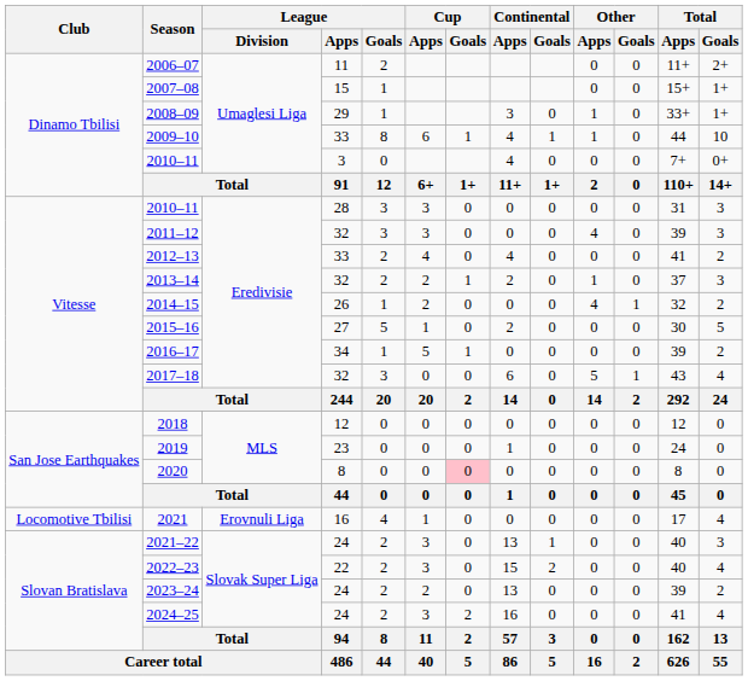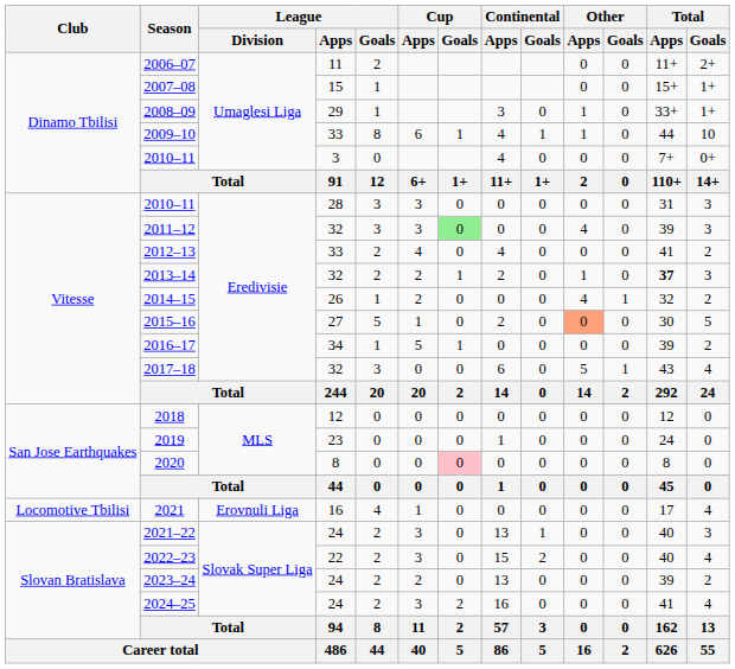 <table class="wikitable" style="text-align: center">
 <tr>
 <th rowspan="2">Club</th>
 <th rowspan="2">Season</th>
 <th colspan="3">League</th>
 <th colspan="2">Cup</th>
 <th colspan="2">Continental</th>
 <th colspan="2">Other</th>
 <th colspan="2">Total</th>
 </tr>
 <tr>
 <th>Division</th>
 <th>Apps</th>
 <th>Goals</th>
 <th>Apps</th>
 <th>Goals</th>
 <th>Apps</th>
 <th>Goals</th>
 <th>Apps</th>
 <th>Goals</th>
 <th>Apps</th>
 <th>Goals</th>
 </tr>
 <tr>
 <td rowspan="6"><a href='#'>Dinamo Tbilisi</a></td>
 <td><a href='#'>2006–07</a></td>
 <td rowspan="5"><a href='#'>Umaglesi Liga</a></td>
 <td>11</td>
 <td>2</td>
 <td></td>
 <td></td>
 <td></td>
 <td></td>
 <td>0</td>
 <td>0</td>
 <td>11+</td>
 <td>2+</td>
 </tr>
 <tr>
 <td><a href='#'>2007–08</a></td>
 <td>15</td>
 <td>1</td>
 <td></td>
 <td></td>
 <td></td>
 <td></td>
 <td>0</td>
 <td>0</td>
 <td>15+</td>
 <td>1+</td>
 </tr>
 <tr>
 <td><a href='#'>2008–09</a></td>
 <td>29</td>
 <td>1</td>
 <td></td>
 <td></td>
 <td>3</td>
 <td>0</td>
 <td>1</td>
 <td>0</td>
 <td>33+</td>
 <td>1+</td>
 </tr>
 <tr>
 <td><a href='#'>2009–10</a></td>
 <td>33</td>
 <td>8</td>
 <td>6</td>
 <td>1</td>
 <td>4</td>
 <td>1</td>
 <td>1</td>
 <td>0</td>
 <td>44</td>
 <td>10</td>
 </tr>
 <tr>
 <td><a href='#'>2010–11</a></td>
 <td>3</td>
 <td>0</td>
 <td></td>
 <td></td>
 <td>4</td>
 <td>0</td>
 <td>0</td>
 <td>0</td>
 <td>7+</td>
 <td>0+</td>
 </tr>
 <tr>
 <th colspan="2">Total</th>
 <th>91</th>
 <th>12</th>
 <th>6+</th>
 <th>1+</th>
 <th>11+</th>
 <th>1+</th>
 <th>2</th>
 <th>0</th>
 <th>110+</th>
 <th>14+</th>
 </tr>
 <tr>
 <td rowspan="9"><a href='#'>Vitesse</a></td>
 <td><a href='#'>2010–11</a></td>
 <td rowspan="8"><a href='#'>Eredivisie</a></td>
 <td>28</td>
 <td>3</td>
 <td>3</td>
 <td>0</td>
 <td>0</td>
 <td>0</td>
 <td>0</td>
 <td>0</td>
 <td>31</td>
 <td>3</td>
 </tr>
 <tr>
 <td><a href='#'>2011–12</a></td>
 <td>32</td>
 <td>3</td>
 <td>3</td>
-<td>0</td>
+<td style="background: lightgreen;">0</td>
 <td>0</td>
 <td>0</td>
 <td>4</td>
 <td>0</td>
 <td>39</td>
 <td>3</td>
 </tr>
 <tr>
 <td><a href='#'>2012–13</a></td>
 <td>33</td>
 <td>2</td>
 <td>4</td>
 <td>0</td>
 <td>4</td>
 <td>0</td>
 <td>0</td>
 <td>0</td>
 <td>41</td>
 <td>2</td>
 </tr>
 <tr>
 <td><a href='#'>2013–14</a></td>
 <td>32</td>
 <td>2</td>
 <td>2</td>
 <td>1</td>
 <td>2</td>
 <td>0</td>
 <td>1</td>
 <td>0</td>
-<td>37</td>
+<td><strong>37</strong></td>
 <td>3</td>
 </tr>
 <tr>
 <td><a href='#'>2014–15</a></td>
 <td>26</td>
 <td>1</td>
 <td>2</td>
 <td>0</td>
 <td>0</td>
 <td>0</td>
 <td>4</td>
 <td>1</td>
 <td>32</td>
 <td>2</td>
 </tr>
 <tr>
 <td><a href='#'>2015–16</a></td>
 <td>27</td>
 <td>5</td>
 <td>1</td>
 <td>0</td>
 <td>2</td>
 <td>0</td>
-<td>0</td>
+<td style="background: lightsalmon;">0</td>
 <td>0</td>
 <td>30</td>
 <td>5</td>
 </tr>
 <tr>
 <td><a href='#'>2016–17</a></td>
 <td>34</td>
 <td>1</td>
 <td>5</td>
 <td>1</td>
 <td>0</td>
 <td>0</td>
 <td>0</td>
 <td>0</td>
 <td>39</td>
 <td>2</td>
 </tr>
 <tr>
 <td><a href='#'>2017–18</a></td>
 <td>32</td>
 <td>3</td>
 <td>0</td>
 <td>0</td>
 <td>6</td>
 <td>0</td>
 <td>5</td>
 <td>1</td>
 <td>43</td>
 <td>4</td>
 </tr>
 <tr>
 <th colspan="2">Total</th>
 <th>244</th>
 <th>20</th>
 <th>20</th>
 <th>2</th>
 <th>14</th>
 <th>0</th>
 <th>14</th>
 <th>2</th>
 <th>292</th>
 <th>24</th>
 </tr>
 <tr>
 <td rowspan="4"><a href='#'>San Jose Earthquakes</a></td>
 <td><a href='#'>2018</a></td>
 <td rowspan="3"><a href='#'>MLS</a></td>
 <td>12</td>
 <td>0</td>
 <td>0</td>
 <td>0</td>
 <td>0</td>
 <td>0</td>
 <td>0</td>
 <td>0</td>
 <td>12</td>
 <td>0</td>
 </tr>
 <tr>
 <td><a href='#'>2019</a></td>
 <td>23</td>
 <td>0</td>
 <td>0</td>
 <td>0</td>
 <td>1</td>
 <td>0</td>
 <td>0</td>
 <td>0</td>
 <td>24</td>
 <td>0</td>
 </tr>
 <tr>
 <td><a href='#'>2020</a></td>
 <td>8</td>
 <td>0</td>
 <td>0</td>
 <td style="background: pink;">0</td>
 <td>0</td>
 <td>0</td>
 <td>0</td>
 <td>0</td>
 <td>8</td>
 <td>0</td>
 </tr>
 <tr>
 <th colspan="2">Total</th>
 <th>44</th>
 <th>0</th>
 <th>0</th>
 <th>0</th>
 <th>1</th>
 <th>0</th>
 <th>0</th>
 <th>0</th>
 <th>45</th>
 <th>0</th>
 </tr>
 <tr>
 <td><a href='#'>Locomotive Tbilisi</a></td>
 <td><a href='#'>2021</a></td>
 <td><a href='#'>Erovnuli Liga</a></td>
 <td>16</td>
 <td>4</td>
 <td>1</td>
 <td>0</td>
 <td>0</td>
 <td>0</td>
 <td>0</td>
 <td>0</td>
 <td>17</td>
 <td>4</td>
 </tr>
 <tr>
 <td rowspan="5"><a href='#'>Slovan Bratislava</a></td>
 <td><a href='#'>2021–22</a></td>
 <td rowspan="4"><a href='#'>Slovak Super Liga</a></td>
 <td>24</td>
 <td>2</td>
 <td>3</td>
 <td>0</td>
 <td>13</td>
 <td>1</td>
 <td>0</td>
 <td>0</td>
 <td>40</td>
 <td>3</td>
 </tr>
 <tr>
 <td><a href='#'>2022–23</a></td>
 <td>22</td>
 <td>2</td>
 <td>3</td>
 <td>0</td>
 <td>15</td>
 <td>2</td>
 <td>0</td>
 <td>0</td>
 <td>40</td>
 <td>4</td>
 </tr>
 <tr>
 <td><a href='#'>2023–24</a></td>
 <td>24</td>
 <td>2</td>
 <td>2</td>
 <td>0</td>
 <td>13</td>
 <td>0</td>
 <td>0</td>
 <td>0</td>
 <td>39</td>
 <td>2</td>
 </tr>
 <tr>
 <td><a href='#'>2024–25</a></td>
 <td>24</td>
 <td>2</td>
 <td>3</td>
 <td>2</td>
 <td>16</td>
 <td>0</td>
 <td>0</td>
 <td>0</td>
 <td>41</td>
 <td>4</td>
 </tr>
 <tr>
 <th colspan="2">Total</th>
 <th>94</th>
 <th>8</th>
 <th>11</th>
 <th>2</th>
 <th>57</th>
 <th>3</th>
 <th>0</th>
 <th>0</th>
 <th>162</th>
 <th>13</th>
 </tr>
 <tr>
 <th colspan="3">Career total</th>
 <th>486</th>
 <th>44</th>
 <th>40</th>
 <th>5</th>
 <th>86</th>
 <th>5</th>
 <th>16</th>
 <th>2</th>
 <th>626</th>
 <th>55</th>
 </tr>
 </table>
